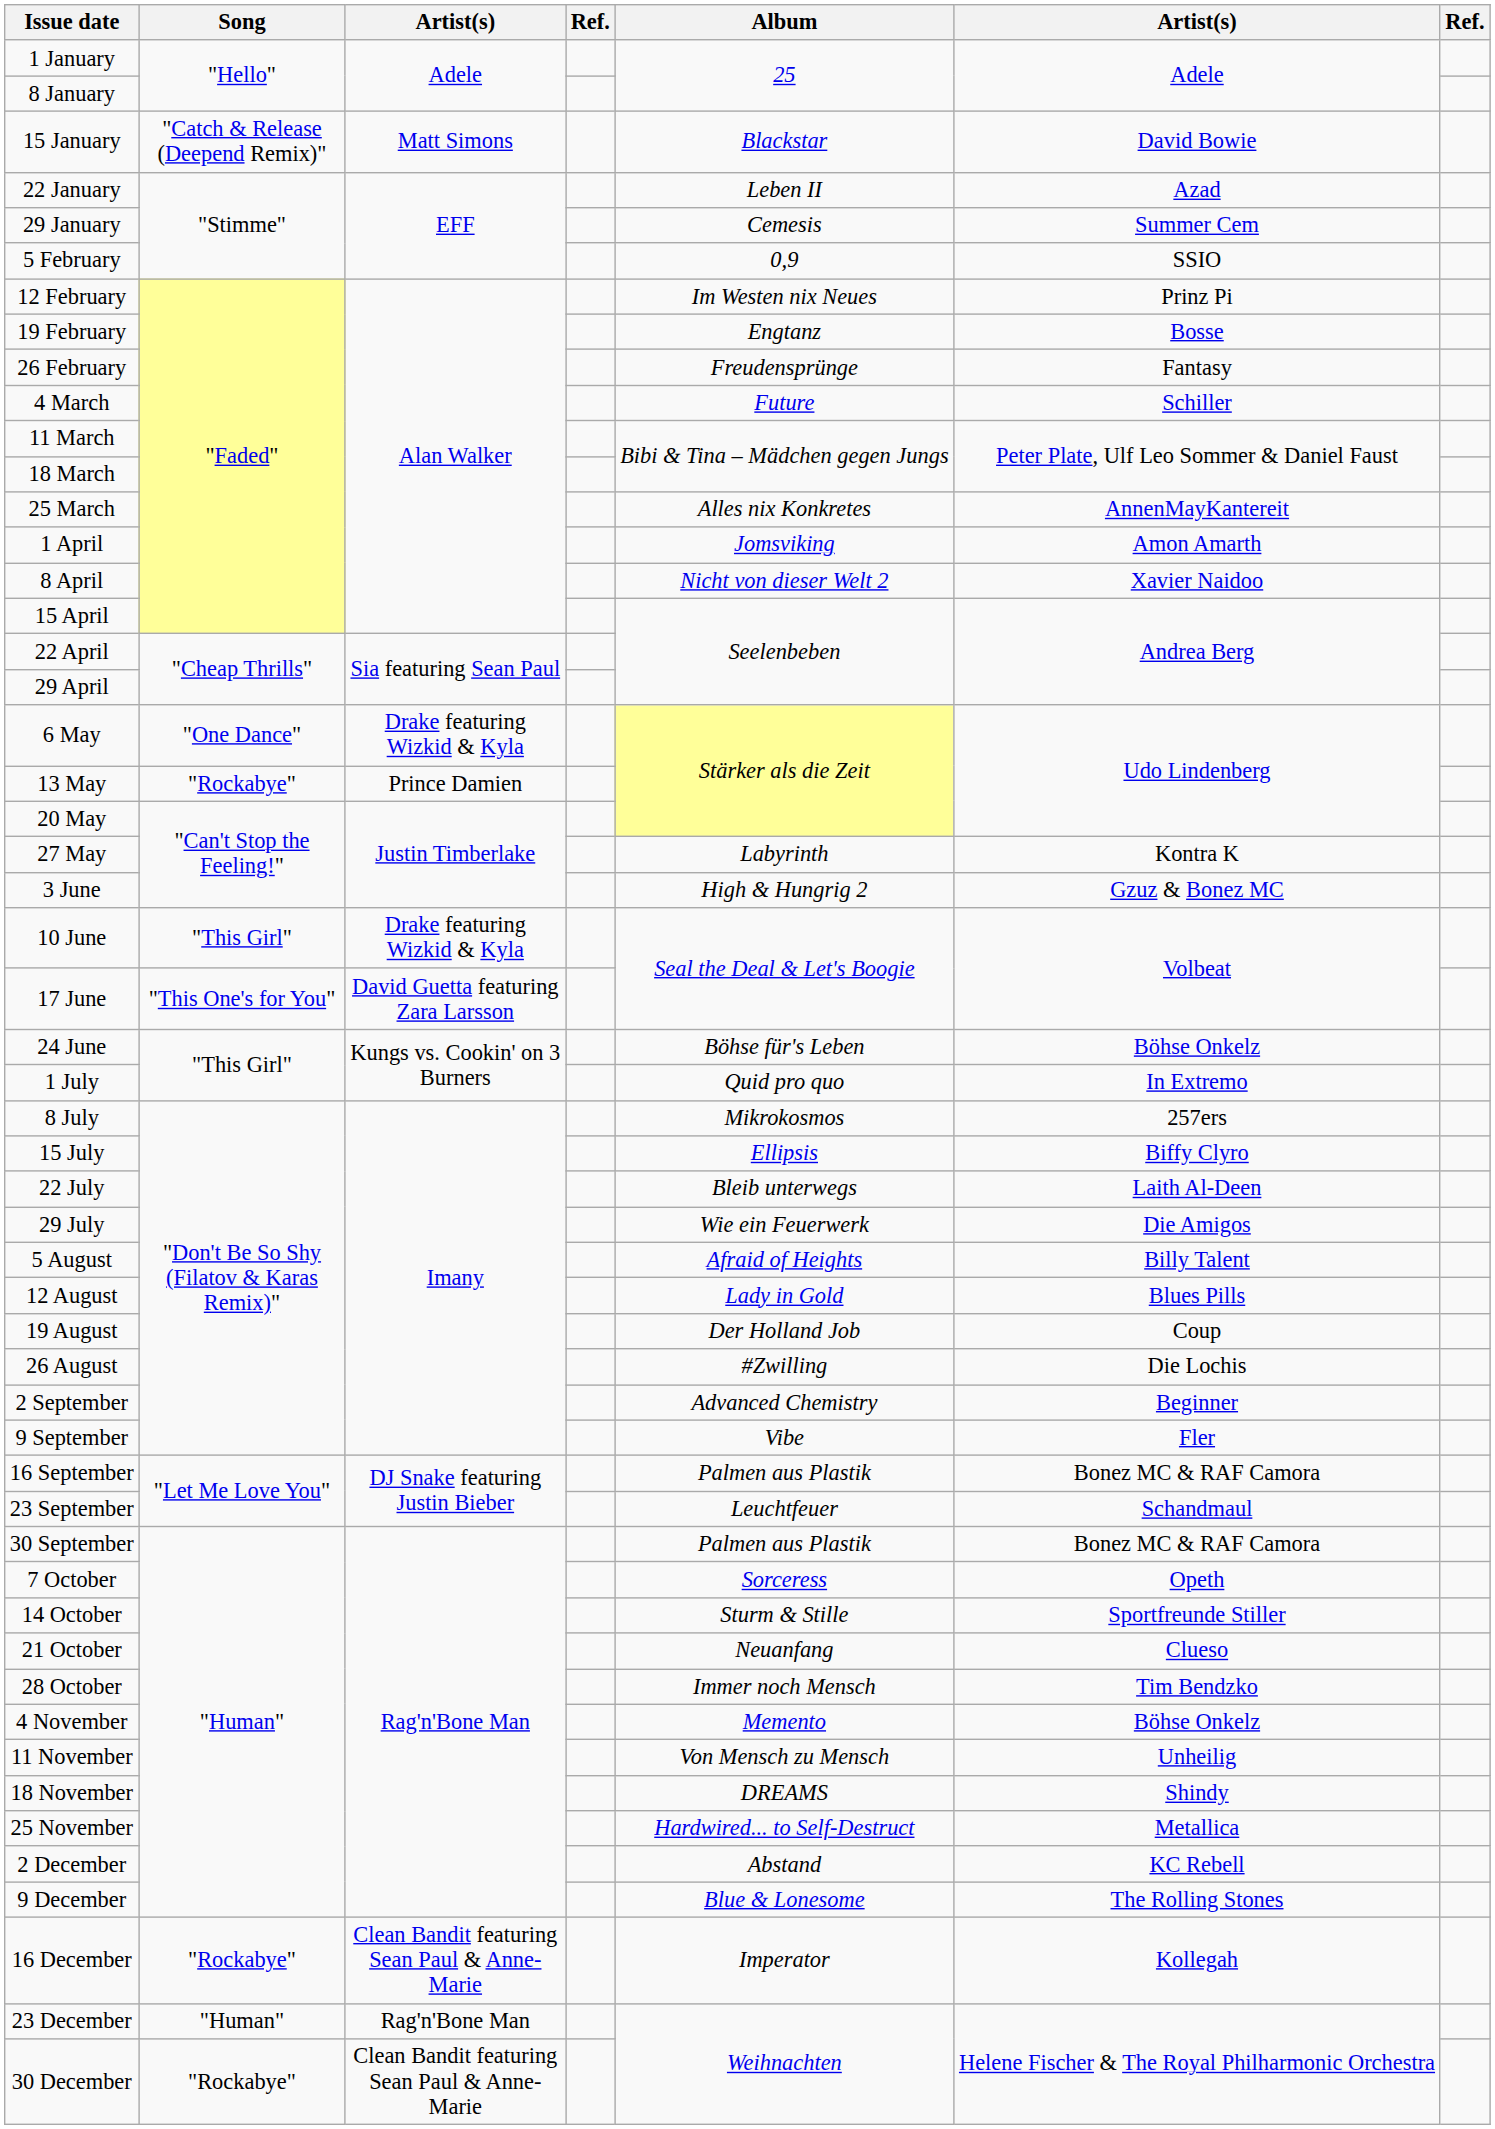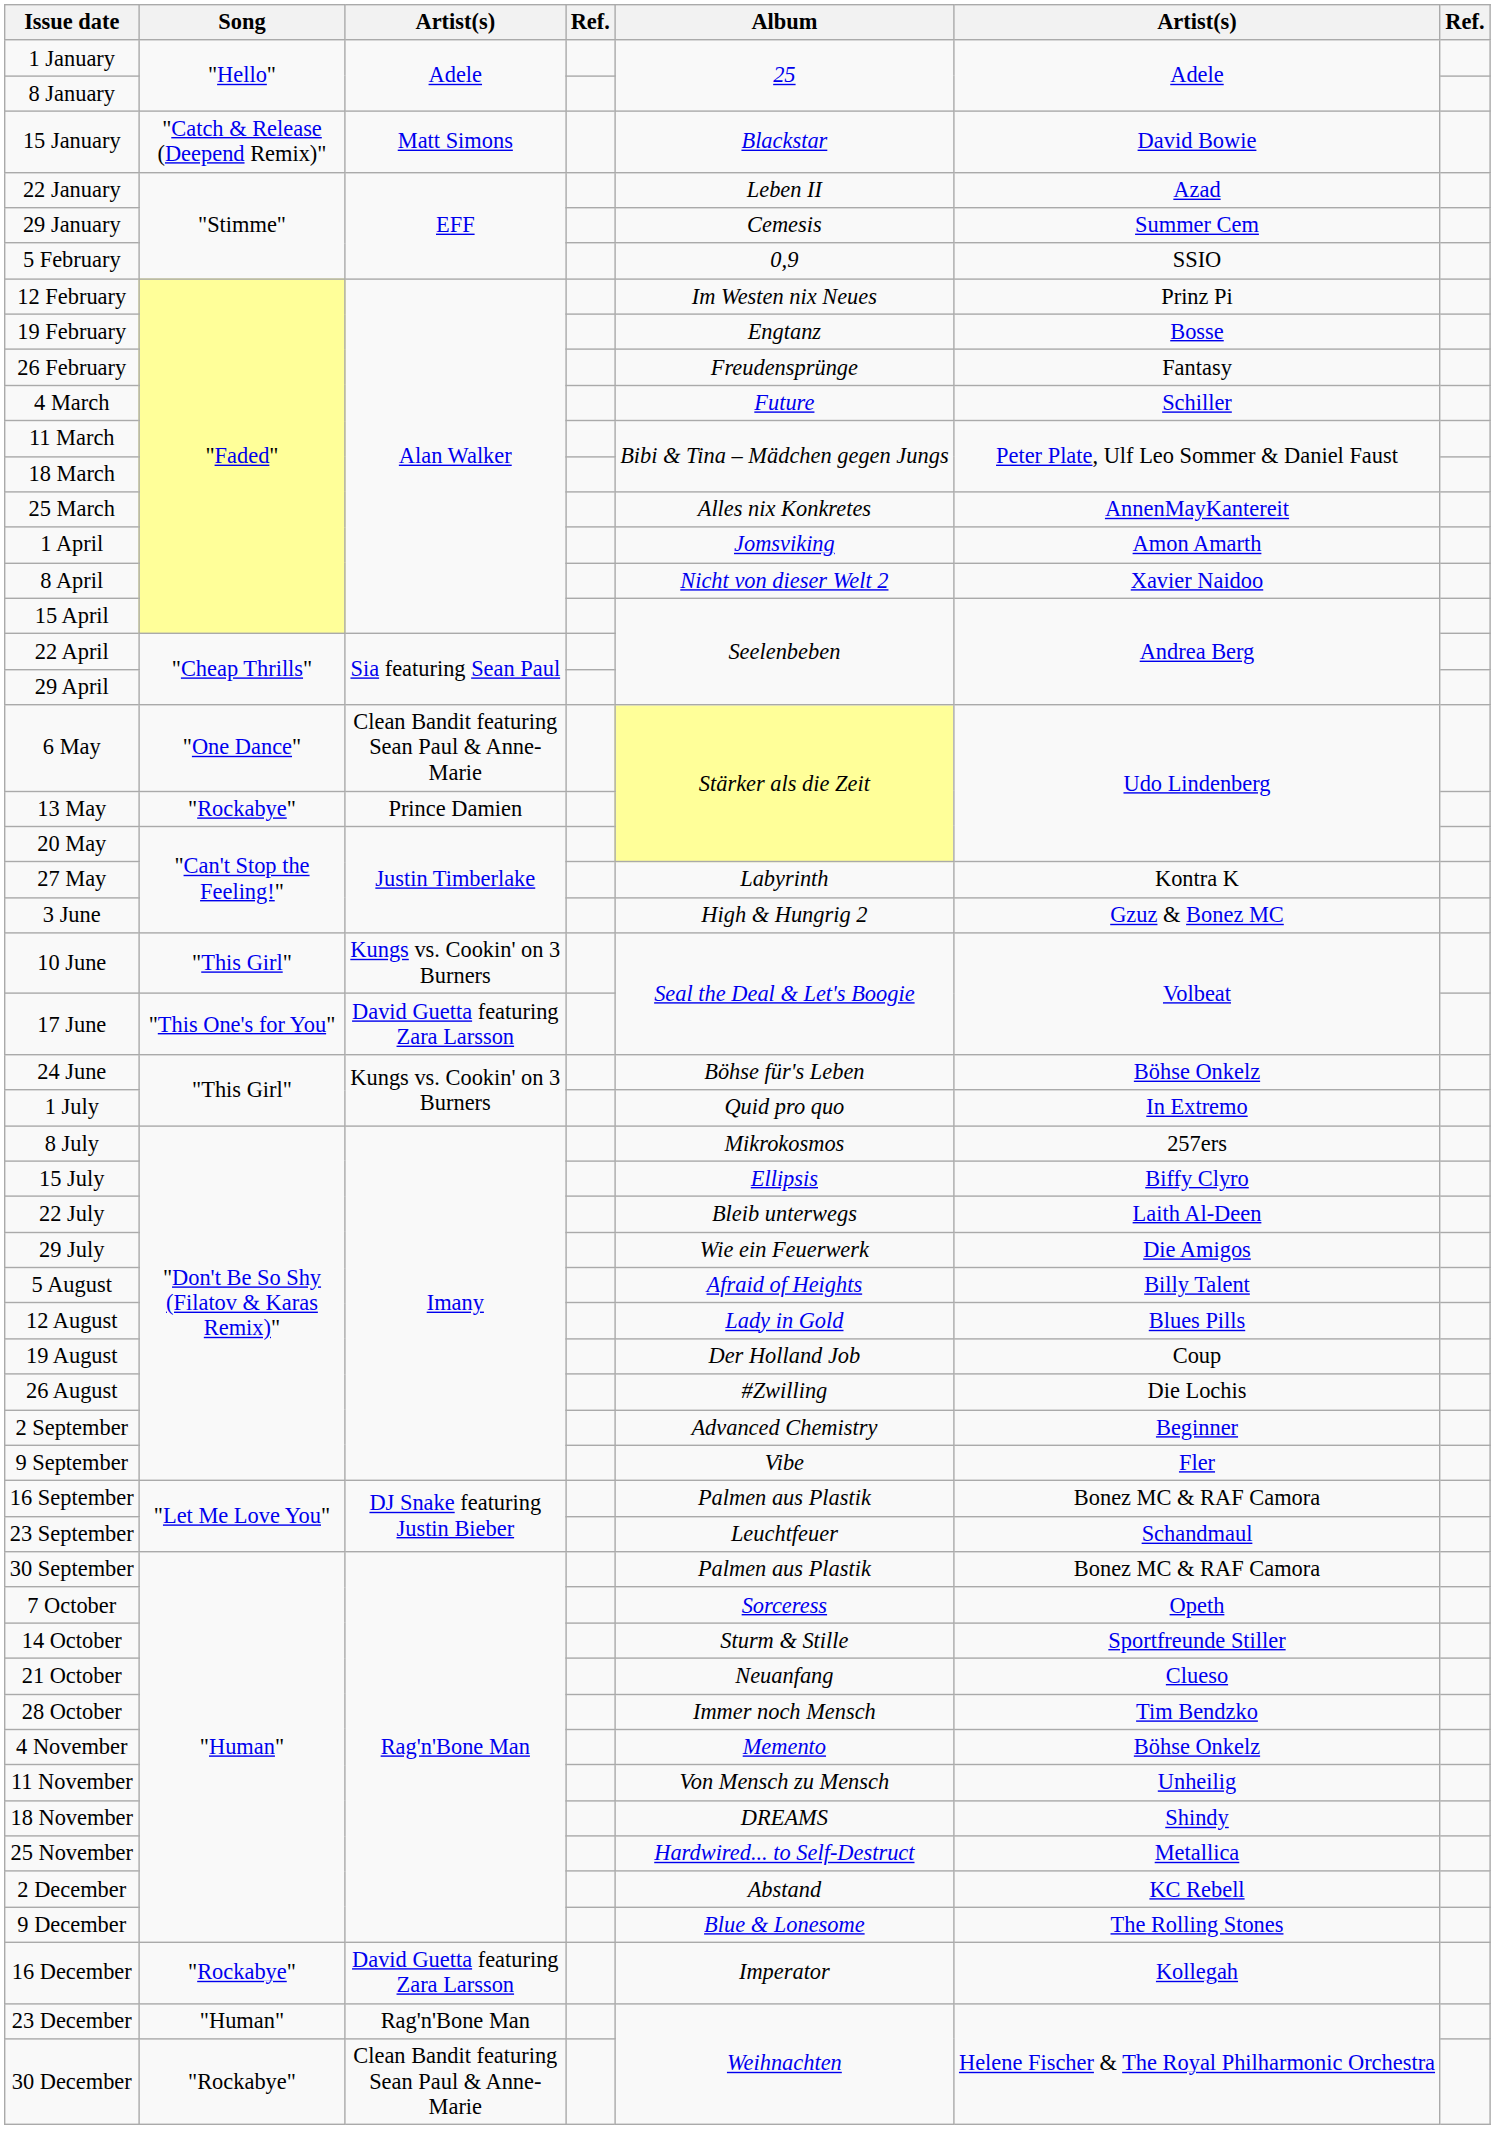 <table class="wikitable plainrowheaders" style="text-align:center">
 <tr>
 <th>Issue date</th>
 <th width="140">Song</th>
 <th width="150">Artist(s)</th>
 <th>Ref.</th>
 <th>Album</th>
 <th>Artist(s)</th>
 <th>Ref.</th>
 </tr>
 <tr>
 <td>1 January</td>
 <td align="center" rowspan="2">"<a href='#'>Hello</a>"</td>
 <td align="center" rowspan="2"><a href='#'>Adele</a></td>
 <td align="center"></td>
 <td align="center" rowspan="2"><em><a href='#'>25</a></em></td>
 <td align="center" rowspan="2"><a href='#'>Adele</a></td>
 <td align="center"></td>
 </tr>
 <tr>
 <td>8 January</td>
 <td align="center"></td>
 <td align="center"></td>
 </tr>
 <tr>
 <td>15 January</td>
 <td align="center">"<a href='#'>Catch & Release</a> (<a href='#'>Deepend</a> Remix)"</td>
 <td align="center"><a href='#'>Matt Simons</a></td>
 <td align="center"></td>
 <td align="center"><em><a href='#'>Blackstar</a></em></td>
 <td align="center"><a href='#'>David Bowie</a></td>
 <td align="center"></td>
 </tr>
 <tr>
 <td>22 January</td>
 <td align="center" rowspan="3">"Stimme"</td>
 <td align="center" rowspan="3"><a href='#'>EFF</a></td>
 <td align="center"></td>
 <td align="center"><em>Leben II</em></td>
 <td align="center"><a href='#'>Azad</a></td>
 <td align="center"></td>
 </tr>
 <tr>
 <td>29 January</td>
 <td align="center"></td>
 <td align="center"><em>Cemesis</em></td>
 <td align="center"><a href='#'>Summer Cem</a></td>
 <td align="center"></td>
 </tr>
 <tr>
 <td>5 February</td>
 <td align="center"></td>
 <td align="center"><em>0,9</em></td>
 <td align="center">SSIO</td>
 <td align="center"></td>
 </tr>
 <tr>
 <td>12 February</td>
 <td bgcolor=#FFFF99 align="center" rowspan="10">"<a href='#'>Faded</a>" </td>
 <td align="center" rowspan="10"><a href='#'>Alan Walker</a></td>
 <td align="center"></td>
 <td align="center"><em>Im Westen nix Neues</em></td>
 <td align="center">Prinz Pi</td>
 <td align="center"></td>
 </tr>
 <tr>
 <td>19 February</td>
 <td align="center"></td>
 <td align="center"><em>Engtanz</em></td>
 <td align="center"><a href='#'>Bosse</a></td>
 <td align="center"></td>
 </tr>
 <tr>
 <td>26 February</td>
 <td align="center"></td>
 <td align="center"><em>Freudensprünge</em></td>
 <td align="center">Fantasy</td>
 <td align="center"></td>
 </tr>
 <tr>
 <td>4 March</td>
 <td align="center"></td>
 <td align="center"><em><a href='#'>Future</a></em></td>
 <td align="center"><a href='#'>Schiller</a></td>
 <td align="center"></td>
 </tr>
 <tr>
 <td>11 March</td>
 <td align="center"></td>
 <td align="center" rowspan="2"><em>Bibi & Tina – Mädchen gegen Jungs</em></td>
 <td align="center" rowspan="2"><a href='#'>Peter Plate</a>, Ulf Leo Sommer & Daniel Faust</td>
 <td align="center"></td>
 </tr>
 <tr>
 <td>18 March</td>
 <td align="center"></td>
 <td align="center"></td>
 </tr>
 <tr>
 <td>25 March</td>
 <td align="center"></td>
 <td align="center"><em>Alles nix Konkretes</em></td>
 <td align="center"><a href='#'>AnnenMayKantereit</a></td>
 <td align="center"></td>
 </tr>
 <tr>
 <td>1 April</td>
 <td align="center"></td>
 <td align="center"><em><a href='#'>Jomsviking</a></em></td>
 <td align="center"><a href='#'>Amon Amarth</a></td>
 <td align="center"></td>
 </tr>
 <tr>
 <td>8 April</td>
 <td align="center"></td>
 <td align="center"><em><a href='#'>Nicht von dieser Welt 2</a></em></td>
 <td align="center"><a href='#'>Xavier Naidoo</a></td>
 <td align="center"></td>
 </tr>
 <tr>
 <td>15 April</td>
 <td align="center"></td>
 <td align="center" rowspan="3"><em>Seelenbeben</em></td>
 <td align="center" rowspan="3"><a href='#'>Andrea Berg</a></td>
 <td align="center"></td>
 </tr>
 <tr>
 <td>22 April</td>
 <td align="center" rowspan="2">"<a href='#'>Cheap Thrills</a>"</td>
 <td align="center" rowspan="2"><a href='#'>Sia</a> featuring <a href='#'>Sean Paul</a></td>
 <td align="center"></td>
 <td align="center"></td>
 </tr>
 <tr>
 <td>29 April</td>
 <td align="center"></td>
 <td align="center"></td>
 </tr>
 <tr>
 <td>6 May</td>
 <td align="center">"<a href='#'>One Dance</a>"</td>
-<td align="center"><a href='#'>Drake</a> featuring <a href='#'>Wizkid</a> & <a href='#'>Kyla</a></td>
+<td align="center">Clean Bandit featuring Sean Paul & Anne-Marie</td>
 <td align="center"></td>
 <td bgcolor=#FFFF99 align="center" rowspan="3"><em>Stärker als die Zeit</em> </td>
 <td align="center" rowspan="3"><a href='#'>Udo Lindenberg</a></td>
 <td align="center"></td>
 </tr>
 <tr>
 <td>13 May</td>
 <td align="center">"<a href='#'>Rockabye</a>"</td>
 <td align="center">Prince Damien</td>
 <td align="center"></td>
 <td align="center"></td>
 </tr>
 <tr>
 <td>20 May</td>
 <td align="center" rowspan="3">"<a href='#'>Can't Stop the Feeling!</a>"</td>
 <td align="center" rowspan="3"><a href='#'>Justin Timberlake</a></td>
 <td align="center"></td>
 <td align="center"></td>
 </tr>
 <tr>
 <td>27 May</td>
 <td align="center"></td>
 <td align="center"><em>Labyrinth</em></td>
 <td align="center">Kontra K</td>
 <td align="center"></td>
 </tr>
 <tr>
 <td>3 June</td>
 <td align="center"></td>
 <td align="center"><em>High & Hungrig 2</em></td>
 <td align="center"><a href='#'>Gzuz</a> & <a href='#'>Bonez MC</a></td>
 <td align="center"></td>
 </tr>
 <tr>
 <td>10 June</td>
 <td align="center">"<a href='#'>This Girl</a>"</td>
-<td align="center"><a href='#'>Drake</a> featuring <a href='#'>Wizkid</a> & <a href='#'>Kyla</a></td>
+<td align="center"><a href='#'>Kungs</a> vs. Cookin' on 3 Burners</td>
 <td align="center"></td>
 <td align="center" rowspan="2"><em><a href='#'>Seal the Deal & Let's Boogie</a></em></td>
 <td align="center" rowspan="2"><a href='#'>Volbeat</a></td>
 <td align="center"></td>
 </tr>
 <tr>
 <td>17 June</td>
 <td align="center">"<a href='#'>This One's for You</a>"</td>
 <td align="center"><a href='#'>David Guetta</a> featuring <a href='#'>Zara Larsson</a></td>
 <td align="center"></td>
 <td align="center"></td>
 </tr>
 <tr>
 <td>24 June</td>
 <td align="center" rowspan="2">"This Girl"</td>
 <td align="center" rowspan="2">Kungs vs. Cookin' on 3 Burners</td>
 <td align="center"></td>
 <td align="center"><em>Böhse für's Leben</em></td>
 <td align="center"><a href='#'>Böhse Onkelz</a></td>
 <td align="center"></td>
 </tr>
 <tr>
 <td>1 July</td>
 <td align="center"></td>
 <td align="center"><em>Quid pro quo</em></td>
 <td align="center"><a href='#'>In Extremo</a></td>
 <td align="center"></td>
 </tr>
 <tr>
 <td>8 July</td>
 <td align="center" rowspan="10">"<a href='#'>Don't Be So Shy (Filatov & Karas Remix)</a>"</td>
 <td align="center" rowspan="10"><a href='#'>Imany</a></td>
 <td align="center"></td>
 <td align="center"><em>Mikrokosmos</em></td>
 <td align="center">257ers</td>
 <td align="center"></td>
 </tr>
 <tr>
 <td>15 July</td>
 <td align="center"></td>
 <td align="center"><em><a href='#'>Ellipsis</a></em></td>
 <td align="center"><a href='#'>Biffy Clyro</a></td>
 <td align="center"></td>
 </tr>
 <tr>
 <td>22 July</td>
 <td align="center"></td>
 <td align="center"><em>Bleib unterwegs</em></td>
 <td align="center"><a href='#'>Laith Al-Deen</a></td>
 <td align="center"></td>
 </tr>
 <tr>
 <td>29 July</td>
 <td align="center"></td>
 <td align="center"><em>Wie ein Feuerwerk</em></td>
 <td align="center"><a href='#'>Die Amigos</a></td>
 <td align="center"></td>
 </tr>
 <tr>
 <td>5 August</td>
 <td align="center"></td>
 <td align="center"><em><a href='#'>Afraid of Heights</a></em></td>
 <td align="center"><a href='#'>Billy Talent</a></td>
 <td align="center"></td>
 </tr>
 <tr>
 <td>12 August</td>
 <td align="center"></td>
 <td align="center"><em><a href='#'>Lady in Gold</a></em></td>
 <td align="center"><a href='#'>Blues Pills</a></td>
 <td align="center"></td>
 </tr>
 <tr>
 <td>19 August</td>
 <td align="center"></td>
 <td align="center"><em>Der Holland Job</em></td>
 <td align="center">Coup</td>
 <td align="center"></td>
 </tr>
 <tr>
 <td>26 August</td>
 <td align="center"></td>
 <td align="center"><em>#Zwilling</em></td>
 <td align="center">Die Lochis</td>
 <td align="center"></td>
 </tr>
 <tr>
 <td>2 September</td>
 <td align="center"></td>
 <td align="center"><em>Advanced Chemistry</em></td>
 <td align="center"><a href='#'>Beginner</a></td>
 <td align="center"></td>
 </tr>
 <tr>
 <td>9 September</td>
 <td align="center"></td>
 <td align="center"><em>Vibe</em></td>
 <td align="center"><a href='#'>Fler</a></td>
 <td align="center"></td>
 </tr>
 <tr>
 <td>16 September</td>
 <td align="center" rowspan="2">"<a href='#'>Let Me Love You</a>"</td>
 <td align="center" rowspan="2"><a href='#'>DJ Snake</a> featuring <a href='#'>Justin Bieber</a></td>
 <td align="center"></td>
 <td align="center"><em>Palmen aus Plastik</em></td>
 <td align="center">Bonez MC & RAF Camora</td>
 <td align="center"></td>
 </tr>
 <tr>
 <td>23 September</td>
 <td align="center"></td>
 <td align="center"><em>Leuchtfeuer</em></td>
 <td align="center"><a href='#'>Schandmaul</a></td>
 <td align="center"></td>
 </tr>
 <tr>
 <td>30 September</td>
 <td align="center" rowspan="11">"<a href='#'>Human</a>"</td>
 <td align="center" rowspan="11"><a href='#'>Rag'n'Bone Man</a></td>
 <td align="center"></td>
 <td align="center"><em>Palmen aus Plastik</em></td>
 <td align="center">Bonez MC & RAF Camora</td>
 <td align="center"></td>
 </tr>
 <tr>
 <td>7 October</td>
 <td align="center"></td>
 <td align="center"><em><a href='#'>Sorceress</a></em></td>
 <td align="center"><a href='#'>Opeth</a></td>
 <td align="center"></td>
 </tr>
 <tr>
 <td>14 October</td>
 <td align="center"></td>
 <td align="center"><em>Sturm & Stille</em></td>
 <td align="center"><a href='#'>Sportfreunde Stiller</a></td>
 <td align="center"></td>
 </tr>
 <tr>
 <td>21 October</td>
 <td align="center"></td>
 <td align="center"><em>Neuanfang</em></td>
 <td align="center"><a href='#'>Clueso</a></td>
 <td align="center"></td>
 </tr>
 <tr>
 <td>28 October</td>
 <td align="center"></td>
 <td align="center"><em>Immer noch Mensch</em></td>
 <td align="center"><a href='#'>Tim Bendzko</a></td>
 <td align="center"></td>
 </tr>
 <tr>
 <td>4 November</td>
 <td align="center"></td>
 <td align="center"><em><a href='#'>Memento</a></em></td>
 <td align="center"><a href='#'>Böhse Onkelz</a></td>
 <td align="center"></td>
 </tr>
 <tr>
 <td>11 November</td>
 <td align="center"></td>
 <td align="center"><em>Von Mensch zu Mensch</em></td>
 <td align="center"><a href='#'>Unheilig</a></td>
 <td align="center"></td>
 </tr>
 <tr>
 <td>18 November</td>
 <td align="center"></td>
 <td align="center"><em>DREAMS</em></td>
 <td align="center"><a href='#'>Shindy</a></td>
 <td align="center"></td>
 </tr>
 <tr>
 <td>25 November</td>
 <td align="center"></td>
 <td align="center"><em><a href='#'>Hardwired... to Self-Destruct</a></em></td>
 <td align="center"><a href='#'>Metallica</a></td>
 <td align="center"></td>
 </tr>
 <tr>
 <td>2 December</td>
 <td align="center"></td>
 <td align="center"><em>Abstand</em></td>
 <td align="center"><a href='#'>KC Rebell</a></td>
 <td align="center"></td>
 </tr>
 <tr>
 <td>9 December</td>
 <td align="center"></td>
 <td align="center"><em><a href='#'>Blue & Lonesome</a></em></td>
 <td align="center"><a href='#'>The Rolling Stones</a></td>
 <td align="center"></td>
 </tr>
 <tr>
 <td>16 December</td>
 <td align="center">"<a href='#'>Rockabye</a>"</td>
-<td align="center"><a href='#'>Clean Bandit</a> featuring <a href='#'>Sean Paul</a> & <a href='#'>Anne-Marie</a></td>
+<td align="center"><a href='#'>David Guetta</a> featuring <a href='#'>Zara Larsson</a></td>
 <td align="center"></td>
 <td align="center"><em>Imperator</em></td>
 <td align="center"><a href='#'>Kollegah</a></td>
 <td align="center"></td>
 </tr>
 <tr>
 <td>23 December</td>
 <td align="center">"Human"</td>
 <td align="center">Rag'n'Bone Man</td>
 <td align="center"></td>
 <td align="center" rowspan="2"><em><a href='#'>Weihnachten</a></em></td>
 <td align="center" rowspan="2"><a href='#'>Helene Fischer</a> & <a href='#'>The Royal Philharmonic Orchestra</a></td>
 <td align="center"></td>
 </tr>
 <tr>
 <td>30 December</td>
 <td align="center">"Rockabye"</td>
 <td align="center">Clean Bandit featuring Sean Paul & Anne-Marie</td>
 <td align="center"></td>
 <td align="center"></td>
 </tr>
 </table>
